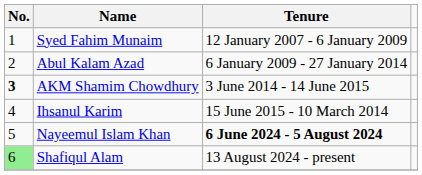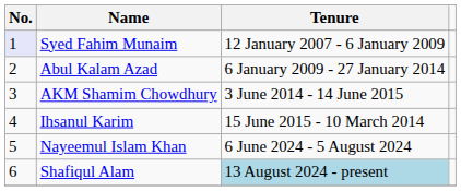 <table class="wikitable">
 <tr>
 <th>No.</th>
 <th>Name</th>
 <th>Tenure</th>
 </tr>
 <tr>
-<td>1</td>
+<td style="background: lavender;">1</td>
 <td><a href='#'>Syed Fahim Munaim</a></td>
 <td>12 January 2007 - 6 January 2009</td>
 <td></td>
 </tr>
 <tr>
 <td>2</td>
 <td><a href='#'>Abul Kalam Azad</a></td>
 <td>6 January 2009 - 27 January 2014</td>
 <td></td>
 </tr>
 <tr>
-<td><strong>3</strong></td>
+<td>3</td>
 <td><a href='#'>AKM Shamim Chowdhury</a></td>
 <td>3 June 2014 - 14 June 2015</td>
 <td></td>
 </tr>
 <tr>
 <td>4</td>
 <td><a href='#'>Ihsanul Karim</a></td>
 <td>15 June 2015 - 10 March 2014</td>
 <td></td>
 </tr>
 <tr>
 <td>5</td>
 <td><a href='#'>Nayeemul Islam Khan</a></td>
-<td><strong>6 June 2024 - 5 August 2024</strong></td>
+<td>6 June 2024 - 5 August 2024</td>
 <td></td>
 </tr>
 <tr>
-<td style="background: lightgreen;">6</td>
+<td>6</td>
 <td><a href='#'>Shafiqul Alam</a></td>
-<td>13 August 2024 - present</td>
+<td style="background: lightblue;">13 August 2024 - present</td>
 <td></td>
 </tr>
 <tr>
 </tr>
 </table>
